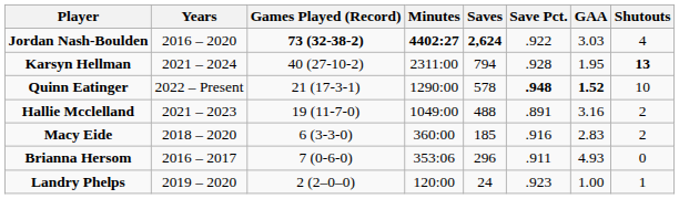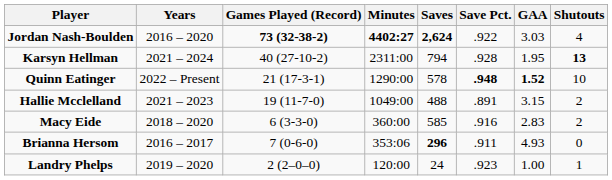 <table class="wikitable sortable">
 <tr>
 <th>Player</th>
 <th>Years</th>
 <th>Games Played (Record)</th>
 <th>Minutes</th>
 <th>Saves</th>
 <th>Save Pct.</th>
 <th>GAA</th>
 <th>Shutouts</th>
 </tr>
 <tr align="center" bgcolor="">
 <td><strong>Jordan Nash-Boulden</strong></td>
 <td>2016 – 2020</td>
 <td><strong>73 (32-38-2)</strong></td>
 <td><strong>4402:27</strong></td>
 <td><strong>2,624</strong></td>
 <td>.922</td>
 <td>3.03</td>
 <td>4</td>
 </tr>
 <tr align="center" bgcolor="">
 <td><strong>Karsyn Hellman</strong></td>
 <td>2021 – 2024</td>
 <td>40 (27-10-2)</td>
 <td>2311:00</td>
 <td>794</td>
 <td>.928</td>
 <td>1.95</td>
 <td><strong>13</strong></td>
 </tr>
 <tr align="center" bgcolor="">
 <td><strong>Quinn Eatinger</strong></td>
 <td>2022 – Present</td>
 <td>21 (17-3-1)</td>
 <td>1290:00</td>
 <td>578</td>
 <td><strong>.948</strong></td>
 <td><strong>1.52</strong></td>
 <td>10</td>
 </tr>
 <tr align="center" bgcolor="">
 <td><strong>Hallie Mcclelland</strong></td>
 <td>2021 – 2023</td>
 <td>19 (11-7-0)</td>
 <td>1049:00</td>
 <td>488</td>
 <td>.891</td>
-<td>3.16</td>
+<td>3.15</td>
 <td>2</td>
 </tr>
 <tr align="center" bgcolor="">
 <td><strong>Macy Eide</strong></td>
 <td>2018 – 2020</td>
 <td>6 (3-3-0)</td>
 <td>360:00</td>
-<td>185</td>
+<td>585</td>
 <td>.916</td>
 <td>2.83</td>
 <td>2</td>
 </tr>
 <tr align="center" bgcolor="">
 <td><strong>Brianna Hersom</strong></td>
 <td>2016 – 2017</td>
 <td>7 (0-6-0)</td>
 <td>353:06</td>
-<td>296</td>
+<td><strong>296</strong></td>
 <td>.911</td>
 <td>4.93</td>
 <td>0</td>
 </tr>
 <tr align="center" bgcolor="">
 <td><strong>Landry Phelps</strong></td>
 <td>2019 – 2020</td>
 <td>2 (2–0–0)</td>
 <td>120:00</td>
 <td>24</td>
 <td>.923</td>
 <td>1.00</td>
 <td>1</td>
 </tr>
 </table>
